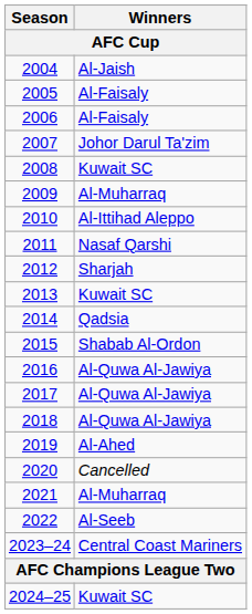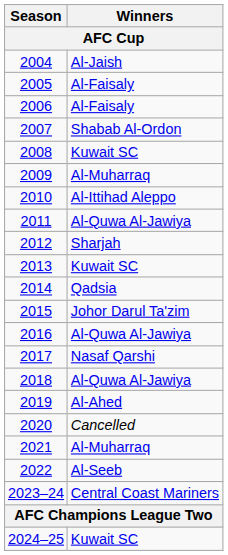 <table class="wikitable floatright" style="text-align:center; font-size:85%">
 <tr>
 <th>Season</th>
 <th>Winners</th>
 </tr>
 <tr>
 <th colspan=2>AFC Cup</th>
 </tr>
 <tr>
 <td><a href='#'>2004</a></td>
 <td align="left"> <a href='#'>Al-Jaish</a></td>
 </tr>
 <tr>
 <td><a href='#'>2005</a></td>
 <td align="left"> <a href='#'>Al-Faisaly</a></td>
 </tr>
 <tr>
 <td><a href='#'>2006</a></td>
 <td align="left"> <a href='#'>Al-Faisaly</a> </td>
 </tr>
 <tr>
 <td><a href='#'>2007</a></td>
-<td align="left"> <a href='#'>Johor Darul Ta'zim</a></td>
+<td align="left"> <a href='#'>Shabab Al-Ordon</a></td>
 </tr>
 <tr>
 <td><a href='#'>2008</a></td>
 <td align="left"> <a href='#'>Kuwait SC</a></td>
 </tr>
 <tr>
 <td><a href='#'>2009</a></td>
 <td align="left"> <a href='#'>Al-Muharraq</a></td>
 </tr>
 <tr>
 <td><a href='#'>2010</a></td>
 <td align="left"> <a href='#'>Al-Ittihad Aleppo</a></td>
 </tr>
 <tr>
 <td><a href='#'>2011</a></td>
-<td align="left"> <a href='#'>Nasaf Qarshi</a></td>
+<td align="left"> <a href='#'>Al-Quwa Al-Jawiya</a> </td>
 </tr>
 <tr>
 <td><a href='#'>2012</a></td>
 <td align=left> <a href='#'>Sharjah</a></td>
 </tr>
 <tr>
 <td><a href='#'>2013</a></td>
 <td align="left"> <a href='#'>Kuwait SC</a> </td>
 </tr>
 <tr>
 <td><a href='#'>2014</a></td>
 <td align="left"> <a href='#'>Qadsia</a></td>
 </tr>
 <tr>
 <td><a href='#'>2015</a></td>
-<td align="left"> <a href='#'>Shabab Al-Ordon</a></td>
+<td align="left"> <a href='#'>Johor Darul Ta'zim</a></td>
 </tr>
 <tr>
 <td><a href='#'>2016</a></td>
 <td align="left"> <a href='#'>Al-Quwa Al-Jawiya</a></td>
 </tr>
 <tr>
 <td><a href='#'>2017</a></td>
-<td align="left"> <a href='#'>Al-Quwa Al-Jawiya</a> </td>
+<td align="left"> <a href='#'>Nasaf Qarshi</a></td>
 </tr>
 <tr>
 <td><a href='#'>2018</a></td>
 <td align="left"> <a href='#'>Al-Quwa Al-Jawiya</a> </td>
 </tr>
 <tr>
 <td><a href='#'>2019</a></td>
 <td align="left"> <a href='#'>Al-Ahed</a></td>
 </tr>
 <tr>
 <td><a href='#'>2020</a></td>
 <td align="left"><em>Cancelled</em></td>
 </tr>
 <tr>
 <td><a href='#'>2021</a></td>
 <td align="left"> <a href='#'>Al-Muharraq</a> </td>
 </tr>
 <tr>
 <td><a href='#'>2022</a></td>
 <td align="left"> <a href='#'>Al-Seeb</a></td>
 </tr>
 <tr>
 <td><a href='#'>2023–24</a></td>
 <td align="left"> <a href='#'>Central Coast Mariners</a></td>
 </tr>
 <tr>
 <th colspan=2>AFC Champions League Two</th>
 </tr>
 <tr>
 <td><a href='#'>2024–25</a></td>
 <td align="left"> <a href='#'>Kuwait SC</a> </td>
 </tr>
 </table>
